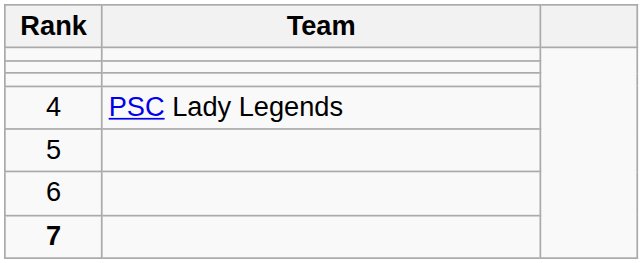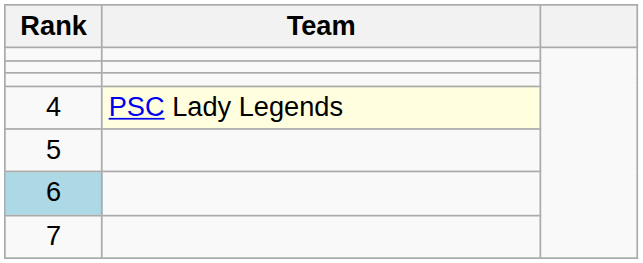 <table class="wikitable" style="text-align: center;">
 <tr>
 <th width=50>Rank</th>
 <th width=250>Team</th>
 <th width=50></th>
 </tr>
 <tr>
 <td></td>
 <td align="left"></td>
 <td rowspan=7></td>
 </tr>
 <tr>
 <td></td>
 <td align="left"></td>
 </tr>
 <tr>
 <td></td>
 <td align="left"></td>
 </tr>
 <tr>
 <td>4</td>
-<td align="left"> <a href='#'>PSC</a> Lady Legends</td>
+<td align="left" style="background: lightyellow;"> <a href='#'>PSC</a> Lady Legends</td>
 </tr>
 <tr>
 <td>5</td>
 <td align="left"></td>
 </tr>
 <tr>
-<td>6</td>
+<td style="background: lightblue;">6</td>
 <td align="left"></td>
 </tr>
 <tr>
-<td><strong>7</strong></td>
+<td>7</td>
 <td align="left"></td>
 </tr>
 </table>
